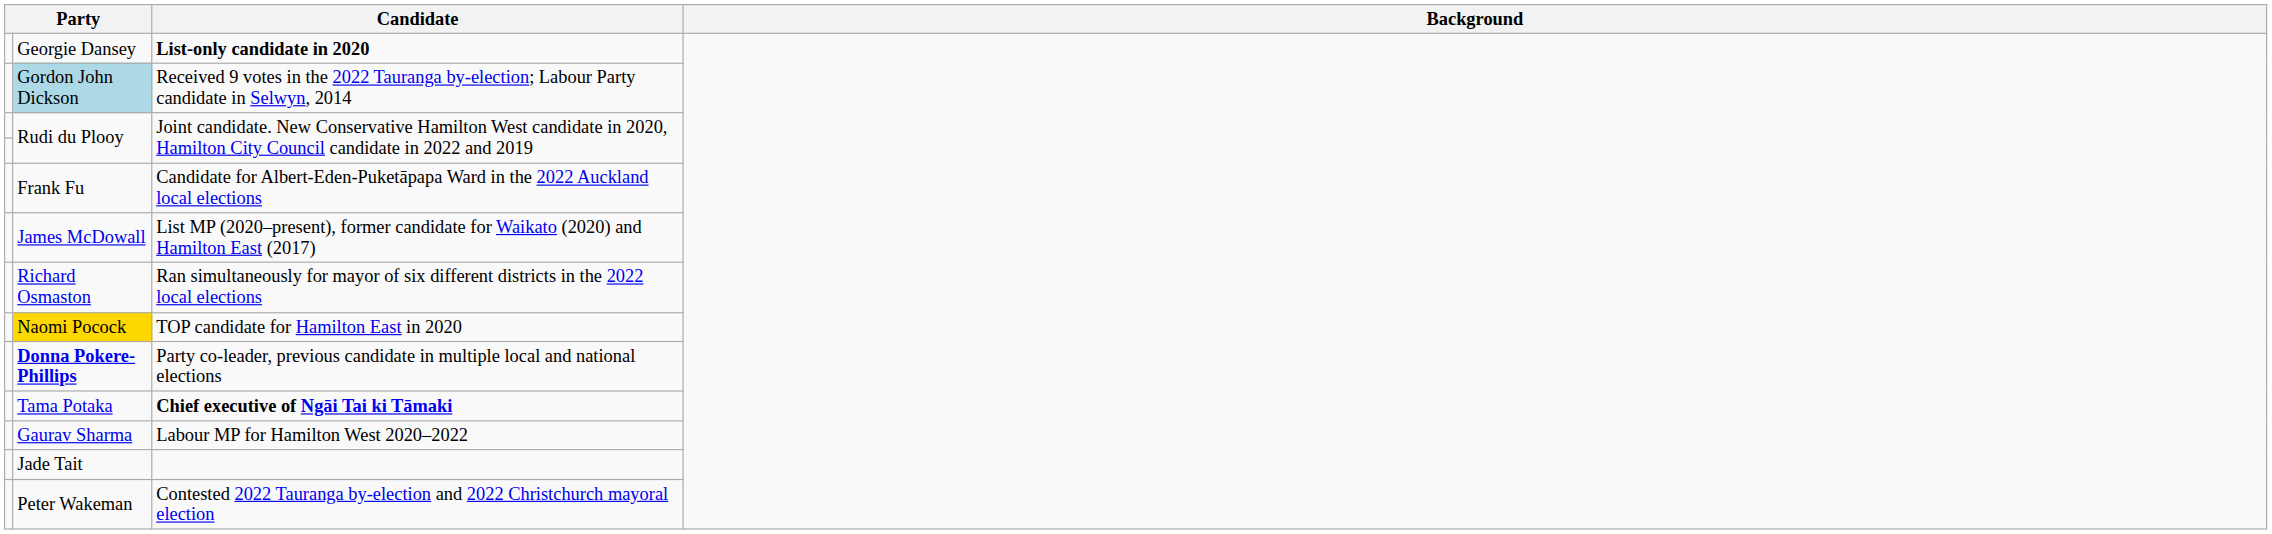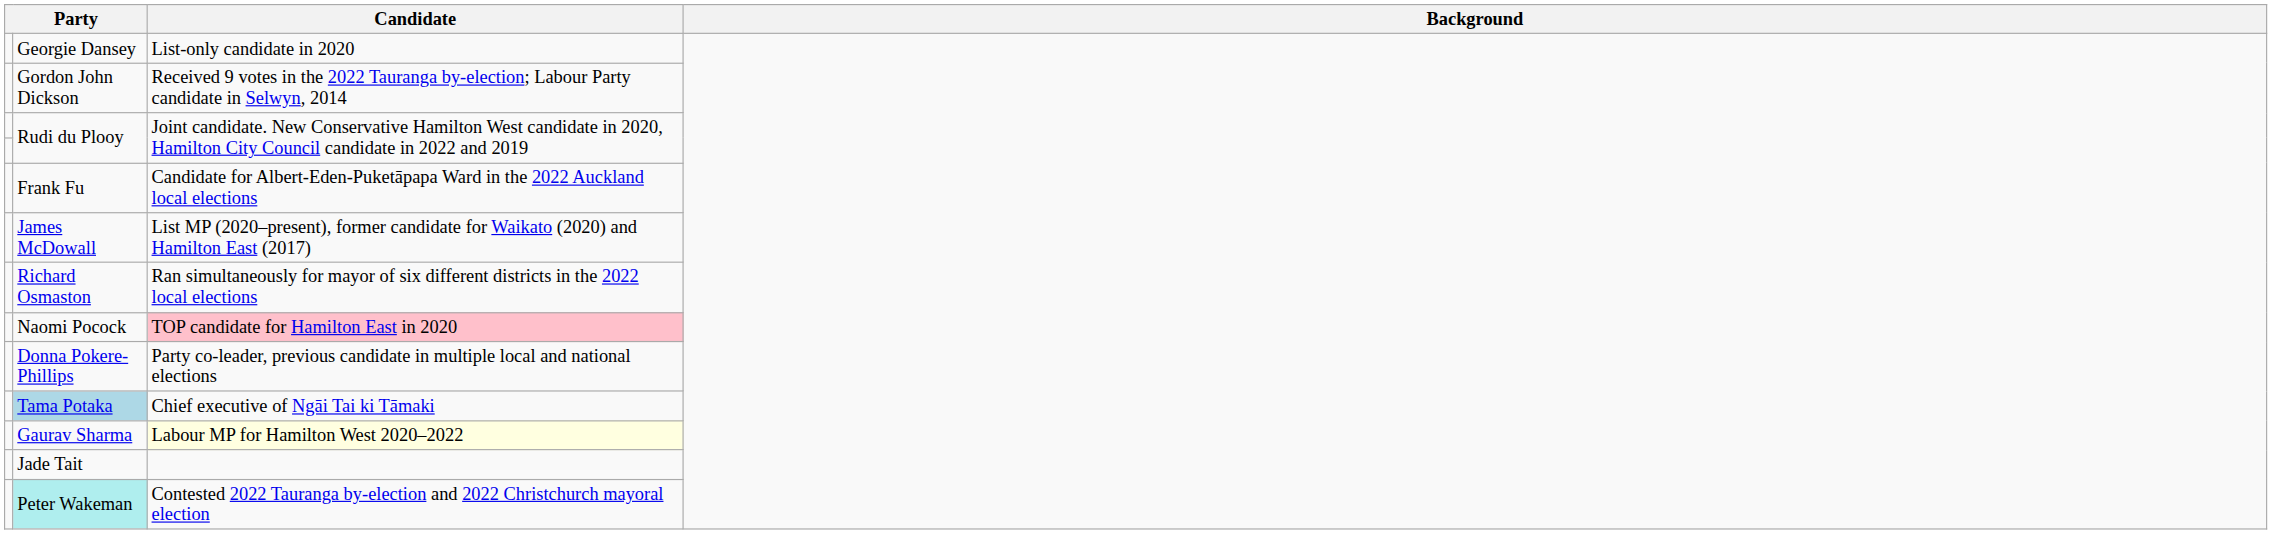 <table class="wikitable">
 <tr>
 <th colspan=2>Party</th>
 <th>Candidate</th>
 <th width=70%>Background</th>
 </tr>
 <tr>
 <td></td>
 <td>Georgie Dansey</td>
-<td><strong>List-only candidate in 2020</strong></td>
+<td>List-only candidate in 2020</td>
 </tr>
 <tr>
 <td></td>
-<td style="background: lightblue;">Gordon John Dickson</td>
+<td>Gordon John Dickson</td>
 <td>Received 9 votes in the <a href='#'>2022 Tauranga by-election</a>; Labour Party candidate in <a href='#'>Selwyn</a>, 2014</td>
 </tr>
 <tr>
 <td></td>
 <td rowspan=2>Rudi du Plooy</td>
 <td rowspan=2>Joint candidate. New Conservative Hamilton West candidate in 2020, <a href='#'>Hamilton City Council</a> candidate in 2022 and 2019</td>
 </tr>
 <tr>
 <td></td>
 </tr>
 <tr>
 <td></td>
 <td>Frank Fu</td>
 <td>Candidate for Albert-Eden-Puketāpapa Ward in the <a href='#'>2022 Auckland local elections</a></td>
 </tr>
 <tr>
 <td></td>
 <td><a href='#'>James McDowall</a></td>
 <td>List MP (2020–present), former candidate for <a href='#'>Waikato</a> (2020) and <a href='#'>Hamilton East</a> (2017)</td>
 </tr>
 <tr>
 <td></td>
 <td><a href='#'>Richard Osmaston</a></td>
 <td>Ran simultaneously for mayor of six different districts in the <a href='#'>2022 local elections</a></td>
 </tr>
 <tr>
 <td></td>
-<td style="background: gold;">Naomi Pocock</td>
-<td>TOP candidate for <a href='#'>Hamilton East</a> in 2020</td>
+<td>Naomi Pocock</td>
+<td style="background: pink;">TOP candidate for <a href='#'>Hamilton East</a> in 2020</td>
 </tr>
 <tr>
 <td></td>
-<td><strong><a href='#'>Donna Pokere-Phillips</a></strong></td>
+<td><a href='#'>Donna Pokere-Phillips</a></td>
 <td>Party co-leader, previous candidate in multiple local and national elections</td>
 </tr>
 <tr>
 <td></td>
-<td><a href='#'>Tama Potaka</a></td>
-<td><strong>Chief executive of <a href='#'>Ngāi Tai ki Tāmaki</a></strong></td>
+<td style="background: lightblue;"><a href='#'>Tama Potaka</a></td>
+<td>Chief executive of <a href='#'>Ngāi Tai ki Tāmaki</a></td>
 </tr>
 <tr>
 <td></td>
 <td><a href='#'>Gaurav Sharma</a></td>
-<td>Labour MP for Hamilton West 2020–2022</td>
+<td style="background: lightyellow;">Labour MP for Hamilton West 2020–2022</td>
 </tr>
 <tr>
 <td></td>
 <td>Jade Tait</td>
 <td></td>
 </tr>
 <tr>
 <td></td>
-<td>Peter Wakeman</td>
+<td style="background: paleturquoise;">Peter Wakeman</td>
 <td>Contested <a href='#'>2022 Tauranga by-election</a> and <a href='#'>2022 Christchurch mayoral election</a></td>
 </tr>
 </table>
